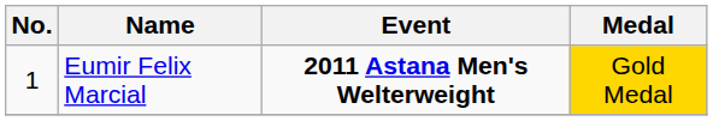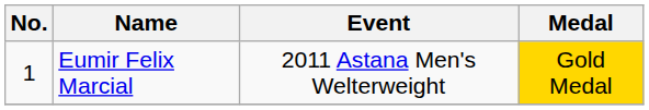 <table class="wikitable" width=50%>
 <tr>
 <th width=05%>No.</th>
 <th width=30%>Name</th>
 <th width=45%>Event</th>
 <th width=20%>Medal</th>
 </tr>
 <tr align=center>
 <td>1</td>
 <td align=left><a href='#'>Eumir Felix Marcial</a></td>
-<td><strong>2011 <a href='#'>Astana</a> Men's Welterweight</strong></td>
+<td>2011 <a href='#'>Astana</a> Men's Welterweight</td>
 <td style="background: gold;"> Gold Medal</td>
 </tr>
 <tr align=center>
 </tr>
 </table>
